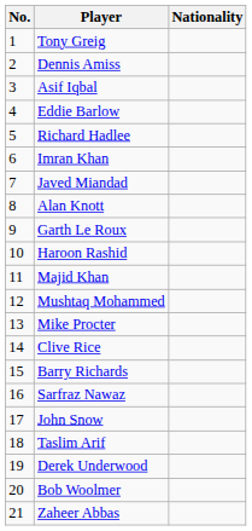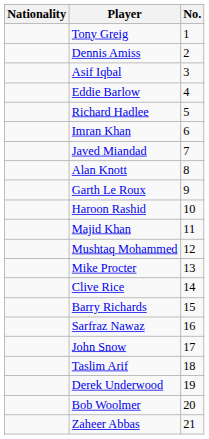 <table class="wikitable sortable" style="text-align: left;" border="1">
 <tr>
+<th scope="col">Nationality</th>
+<th scope="col">Player</th>
 <th scope="col">No.</th>
-<th scope="col">Player</th>
-<th scope="col">Nationality</th>
 </tr>
 <tr>
+<td></td>
+<td><a href='#'>Tony Greig</a></td>
 <td>1</td>
-<td><a href='#'>Tony Greig</a></td>
-<td></td>
 </tr>
 <tr>
+<td></td>
+<td><a href='#'>Dennis Amiss</a></td>
 <td>2</td>
-<td><a href='#'>Dennis Amiss</a></td>
-<td></td>
 </tr>
 <tr>
+<td></td>
+<td><a href='#'>Asif Iqbal</a></td>
 <td>3</td>
-<td><a href='#'>Asif Iqbal</a></td>
-<td></td>
 </tr>
 <tr>
+<td></td>
+<td><a href='#'>Eddie Barlow</a></td>
 <td>4</td>
-<td><a href='#'>Eddie Barlow</a></td>
-<td></td>
 </tr>
 <tr>
+<td></td>
+<td><a href='#'>Richard Hadlee</a></td>
 <td>5</td>
-<td><a href='#'>Richard Hadlee</a></td>
-<td></td>
 </tr>
 <tr>
+<td></td>
+<td><a href='#'>Imran Khan</a></td>
 <td>6</td>
-<td><a href='#'>Imran Khan</a></td>
-<td></td>
 </tr>
 <tr>
+<td></td>
+<td><a href='#'>Javed Miandad</a></td>
 <td>7</td>
-<td><a href='#'>Javed Miandad</a></td>
-<td></td>
 </tr>
 <tr>
+<td></td>
+<td><a href='#'>Alan Knott</a></td>
 <td>8</td>
-<td><a href='#'>Alan Knott</a></td>
-<td></td>
 </tr>
 <tr>
+<td></td>
+<td><a href='#'>Garth Le Roux</a></td>
 <td>9</td>
-<td><a href='#'>Garth Le Roux</a></td>
-<td></td>
 </tr>
 <tr>
+<td></td>
+<td><a href='#'>Haroon Rashid</a></td>
 <td>10</td>
-<td><a href='#'>Haroon Rashid</a></td>
-<td></td>
 </tr>
 <tr>
+<td></td>
+<td><a href='#'>Majid Khan</a></td>
 <td>11</td>
-<td><a href='#'>Majid Khan</a></td>
-<td></td>
 </tr>
 <tr>
+<td></td>
+<td><a href='#'>Mushtaq Mohammed</a></td>
 <td>12</td>
-<td><a href='#'>Mushtaq Mohammed</a></td>
-<td></td>
 </tr>
 <tr>
+<td></td>
+<td><a href='#'>Mike Procter</a></td>
 <td>13</td>
-<td><a href='#'>Mike Procter</a></td>
-<td></td>
 </tr>
 <tr>
+<td></td>
+<td><a href='#'>Clive Rice</a></td>
 <td>14</td>
-<td><a href='#'>Clive Rice</a></td>
-<td></td>
 </tr>
 <tr>
+<td></td>
+<td><a href='#'>Barry Richards</a></td>
 <td>15</td>
-<td><a href='#'>Barry Richards</a></td>
-<td></td>
 </tr>
 <tr>
+<td></td>
+<td><a href='#'>Sarfraz Nawaz</a></td>
 <td>16</td>
-<td><a href='#'>Sarfraz Nawaz</a></td>
-<td></td>
 </tr>
 <tr>
+<td></td>
+<td><a href='#'>John Snow</a></td>
 <td>17</td>
-<td><a href='#'>John Snow</a></td>
-<td></td>
 </tr>
 <tr>
+<td></td>
+<td><a href='#'>Taslim Arif</a></td>
 <td>18</td>
-<td><a href='#'>Taslim Arif</a></td>
-<td></td>
 </tr>
 <tr>
+<td></td>
+<td><a href='#'>Derek Underwood</a></td>
 <td>19</td>
-<td><a href='#'>Derek Underwood</a></td>
-<td></td>
 </tr>
 <tr>
+<td></td>
+<td><a href='#'>Bob Woolmer</a></td>
 <td>20</td>
-<td><a href='#'>Bob Woolmer</a></td>
-<td></td>
 </tr>
 <tr>
+<td></td>
+<td><a href='#'>Zaheer Abbas</a></td>
 <td>21</td>
-<td><a href='#'>Zaheer Abbas</a></td>
-<td></td>
 </tr>
 </table>
